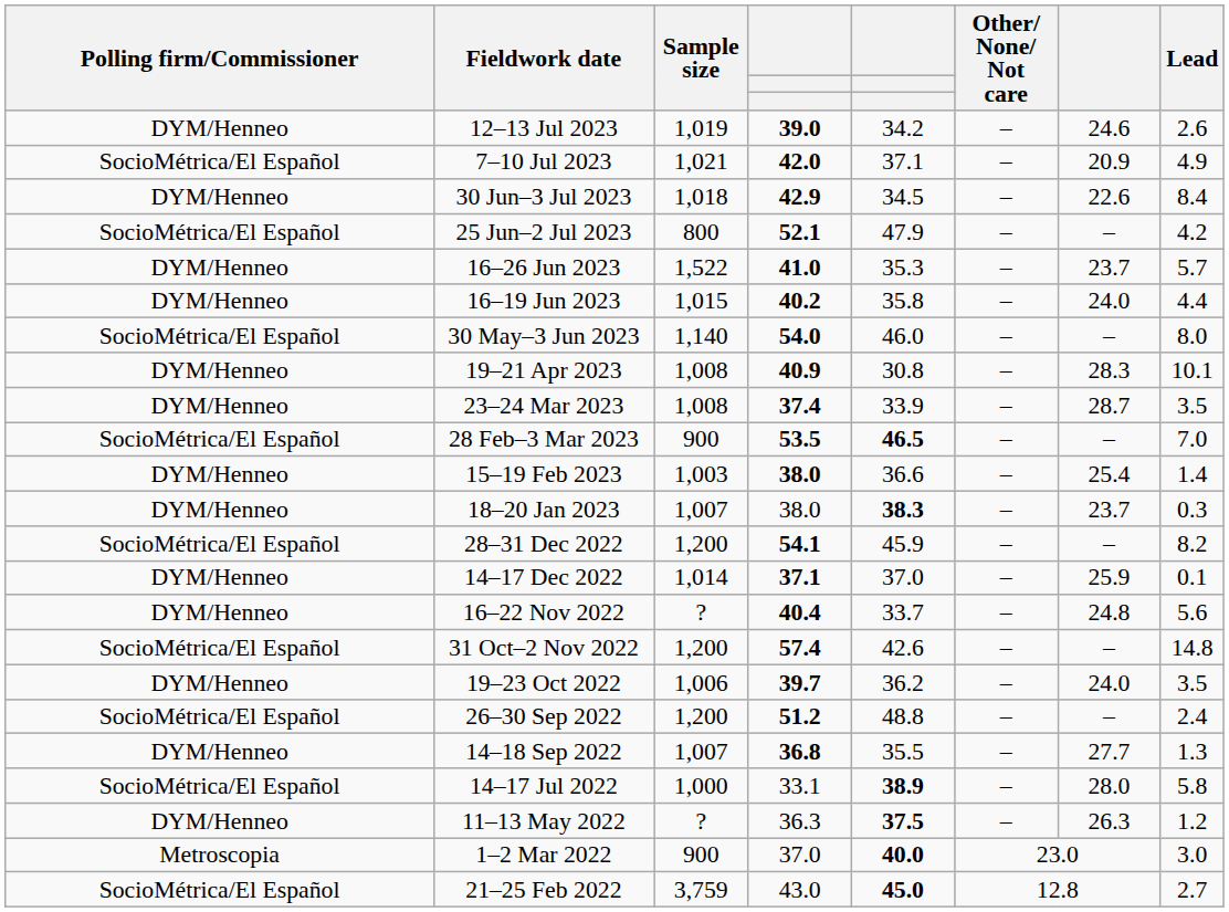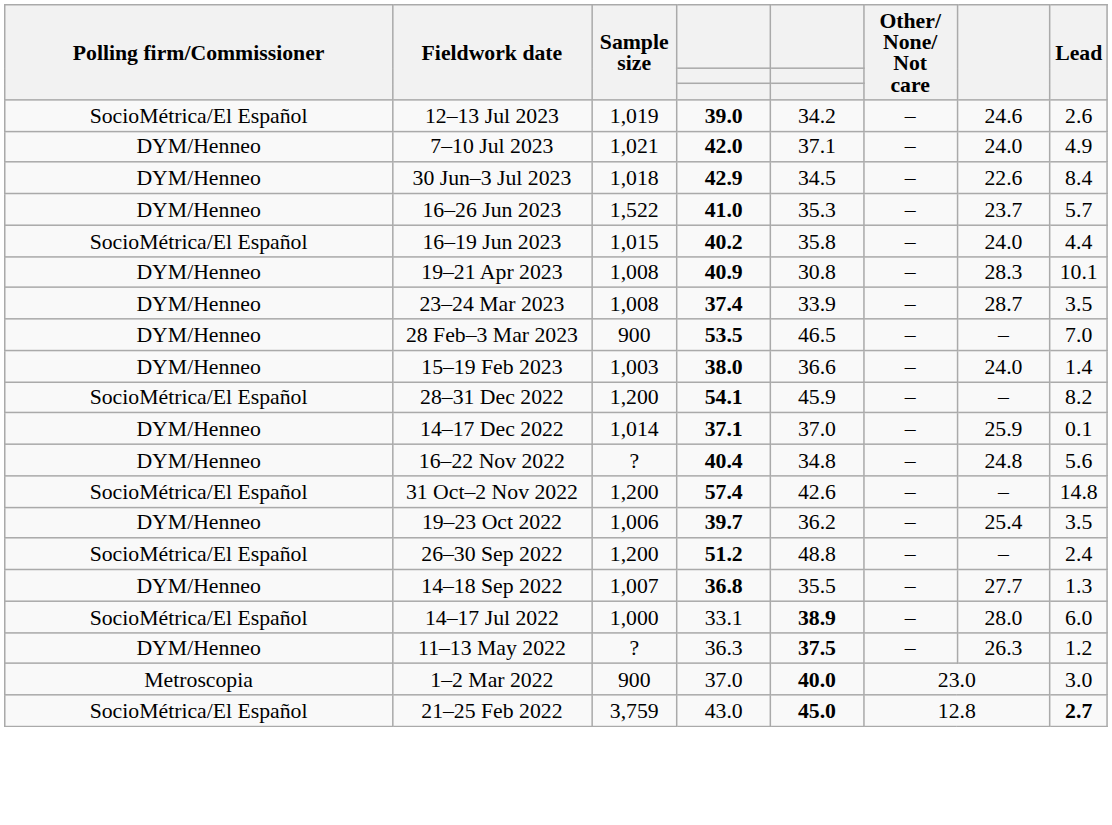 <table class="wikitable collapsible collapsed" style="text-align:center; font-size:90%; line-height:14px;">
 <tr style="height:42px;">
 <th style="width:250px;" rowspan="3">Polling firm/Commissioner</th>
 <th style="width:125px;" rowspan="3">Fieldwork date</th>
 <th style="width:50px;" rowspan="3">Sample size</th>
 <th style="width:55px;"></th>
 <th style="width:55px;"></th>
 <th style="width:55px;" rowspan="3">Other/<br>None/<br>Not<br>care</th>
 <th style="width:55px;" rowspan="3"></th>
 <th style="width:30px;" rowspan="3">Lead</th>
 </tr>
 <tr>
 <th style="color:inherit;background:"></th>
 <th style="color:inherit;background:"></th>
 </tr>
 <tr>
 <th></th>
 <th></th>
 </tr>
 <tr>
-<td>DYM/Henneo</td>
+<td>SocioMétrica/El Español</td>
 <td>12–13 Jul 2023</td>
 <td>1,019</td>
 <td><strong>39.0</strong></td>
 <td>34.2</td>
 <td>–</td>
 <td>24.6</td>
 <td style="background:">2.6</td>
 </tr>
 <tr>
-<td>SocioMétrica/El Español</td>
+<td>DYM/Henneo</td>
 <td>7–10 Jul 2023</td>
 <td>1,021</td>
 <td><strong>42.0</strong></td>
 <td>37.1</td>
 <td>–</td>
-<td>20.9</td>
+<td>24.0</td>
 <td style="background:">4.9</td>
 </tr>
 <tr>
 <td>DYM/Henneo</td>
 <td>30 Jun–3 Jul 2023</td>
 <td>1,018</td>
 <td><strong>42.9</strong></td>
 <td>34.5</td>
 <td>–</td>
 <td>22.6</td>
 <td style="background:">8.4</td>
 </tr>
 <tr>
-<td>SocioMétrica/El Español</td>
-<td>25 Jun–2 Jul 2023</td>
-<td>800</td>
-<td><strong>52.1</strong></td>
-<td>47.9</td>
-<td>–</td>
-<td>–</td>
-<td style="background:">4.2</td>
-</tr>
-<tr>
 <td>DYM/Henneo</td>
 <td>16–26 Jun 2023</td>
 <td>1,522</td>
 <td><strong>41.0</strong></td>
 <td>35.3</td>
 <td>–</td>
 <td>23.7</td>
 <td style="background:">5.7</td>
 </tr>
 <tr>
-<td>DYM/Henneo</td>
+<td>SocioMétrica/El Español</td>
 <td>16–19 Jun 2023</td>
 <td>1,015</td>
 <td><strong>40.2</strong></td>
 <td>35.8</td>
 <td>–</td>
 <td>24.0</td>
 <td style="background:">4.4</td>
-</tr>
-<tr>
-<td>SocioMétrica/El Español</td>
-<td>30 May–3 Jun 2023</td>
-<td>1,140</td>
-<td><strong>54.0</strong></td>
-<td>46.0</td>
-<td>–</td>
-<td>–</td>
-<td style="background:">8.0</td>
 </tr>
 <tr>
 <td>DYM/Henneo</td>
 <td>19–21 Apr 2023</td>
 <td>1,008</td>
 <td><strong>40.9</strong></td>
 <td>30.8</td>
 <td>–</td>
 <td>28.3</td>
 <td style="background:">10.1</td>
 </tr>
 <tr>
 <td>DYM/Henneo</td>
 <td>23–24 Mar 2023</td>
 <td>1,008</td>
 <td><strong>37.4</strong></td>
 <td>33.9</td>
 <td>–</td>
 <td>28.7</td>
 <td style="background:">3.5</td>
 </tr>
 <tr>
-<td>SocioMétrica/El Español</td>
+<td>DYM/Henneo</td>
 <td>28 Feb–3 Mar 2023</td>
 <td>900</td>
 <td><strong>53.5</strong></td>
-<td><strong>46.5</strong></td>
+<td>46.5</td>
 <td>–</td>
 <td>–</td>
 <td style="background:">7.0</td>
 </tr>
 <tr>
 <td>DYM/Henneo</td>
 <td>15–19 Feb 2023</td>
 <td>1,003</td>
 <td><strong>38.0</strong></td>
 <td>36.6</td>
 <td>–</td>
-<td>25.4</td>
+<td>24.0</td>
 <td style="background:">1.4</td>
-</tr>
-<tr>
-<td>DYM/Henneo</td>
-<td>18–20 Jan 2023</td>
-<td>1,007</td>
-<td>38.0</td>
-<td><strong>38.3</strong></td>
-<td>–</td>
-<td>23.7</td>
-<td style="background:">0.3</td>
 </tr>
 <tr>
 <td>SocioMétrica/El Español</td>
 <td>28–31 Dec 2022</td>
 <td>1,200</td>
 <td><strong>54.1</strong></td>
 <td>45.9</td>
 <td>–</td>
 <td>–</td>
 <td style="background:">8.2</td>
 </tr>
 <tr>
 <td>DYM/Henneo</td>
 <td>14–17 Dec 2022</td>
 <td>1,014</td>
 <td><strong>37.1</strong></td>
 <td>37.0</td>
 <td>–</td>
 <td>25.9</td>
 <td style="background:">0.1</td>
 </tr>
 <tr>
 <td>DYM/Henneo</td>
 <td>16–22 Nov 2022</td>
 <td>?</td>
 <td><strong>40.4</strong></td>
-<td>33.7</td>
+<td>34.8</td>
 <td>–</td>
 <td>24.8</td>
 <td style="background:">5.6</td>
 </tr>
 <tr>
 <td>SocioMétrica/El Español</td>
 <td>31 Oct–2 Nov 2022</td>
 <td>1,200</td>
 <td><strong>57.4</strong></td>
 <td>42.6</td>
 <td>–</td>
 <td>–</td>
 <td style="background:">14.8</td>
 </tr>
 <tr>
 <td>DYM/Henneo</td>
 <td>19–23 Oct 2022</td>
 <td>1,006</td>
 <td><strong>39.7</strong></td>
 <td>36.2</td>
 <td>–</td>
-<td>24.0</td>
+<td>25.4</td>
 <td style="background:">3.5</td>
 </tr>
 <tr>
 <td>SocioMétrica/El Español</td>
 <td>26–30 Sep 2022</td>
 <td>1,200</td>
 <td><strong>51.2</strong></td>
 <td>48.8</td>
 <td>–</td>
 <td>–</td>
 <td style="background:">2.4</td>
 </tr>
 <tr>
 <td>DYM/Henneo</td>
 <td>14–18 Sep 2022</td>
 <td>1,007</td>
 <td><strong>36.8</strong></td>
 <td>35.5</td>
 <td>–</td>
 <td>27.7</td>
 <td style="background:">1.3</td>
 </tr>
 <tr>
 <td>SocioMétrica/El Español</td>
 <td>14–17 Jul 2022</td>
 <td>1,000</td>
 <td>33.1</td>
 <td><strong>38.9</strong></td>
 <td>–</td>
 <td>28.0</td>
-<td style="background:">5.8</td>
+<td style="background:">6.0</td>
 </tr>
 <tr>
 <td>DYM/Henneo</td>
 <td>11–13 May 2022</td>
 <td>?</td>
 <td>36.3</td>
 <td><strong>37.5</strong></td>
 <td>–</td>
 <td>26.3</td>
 <td style="background:">1.2</td>
 </tr>
 <tr>
 <td>Metroscopia</td>
 <td>1–2 Mar 2022</td>
 <td>900</td>
 <td>37.0</td>
 <td><strong>40.0</strong></td>
 <td colspan="2">23.0</td>
 <td style="background:">3.0</td>
 </tr>
 <tr>
 <td>SocioMétrica/El Español</td>
 <td>21–25 Feb 2022</td>
 <td>3,759</td>
 <td>43.0</td>
 <td><strong>45.0</strong></td>
 <td colspan="2">12.8</td>
-<td style="background:">2.7</td>
+<td style="background:"><strong>2.7</strong></td>
 </tr>
 </table>
